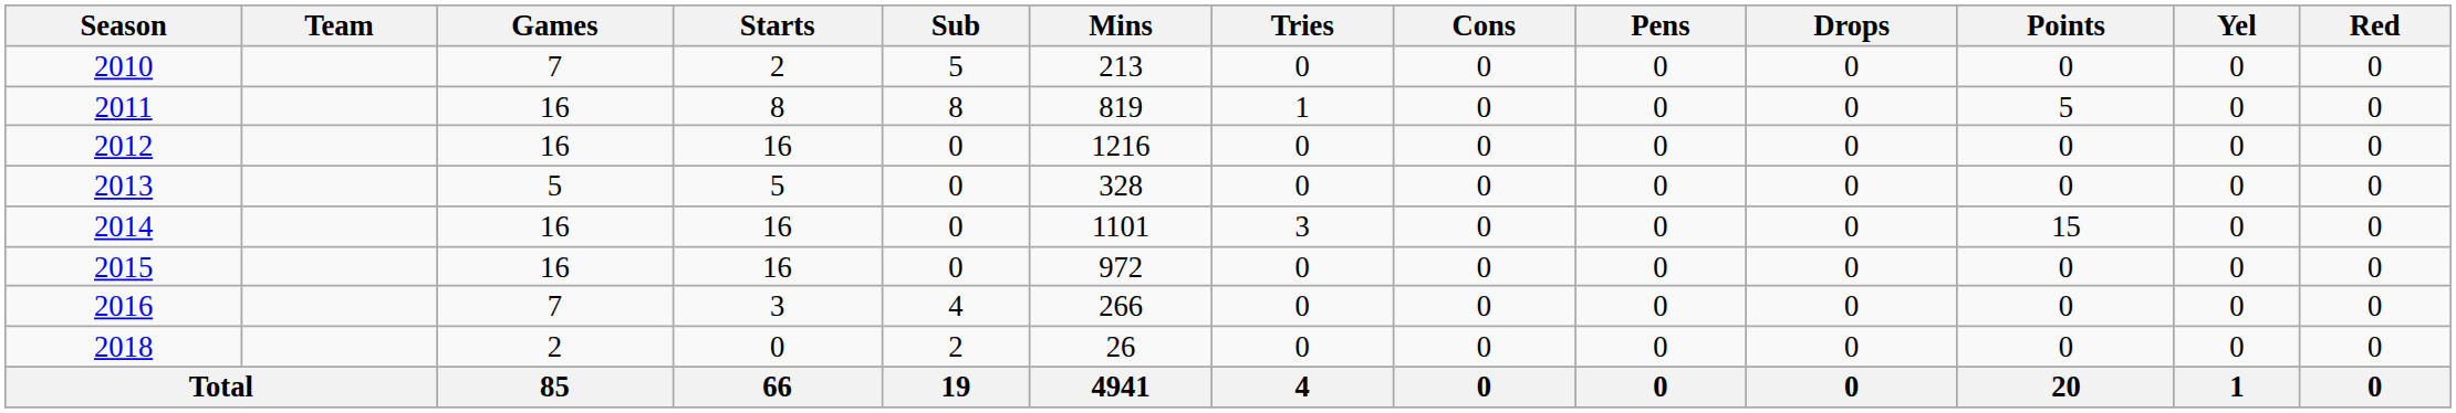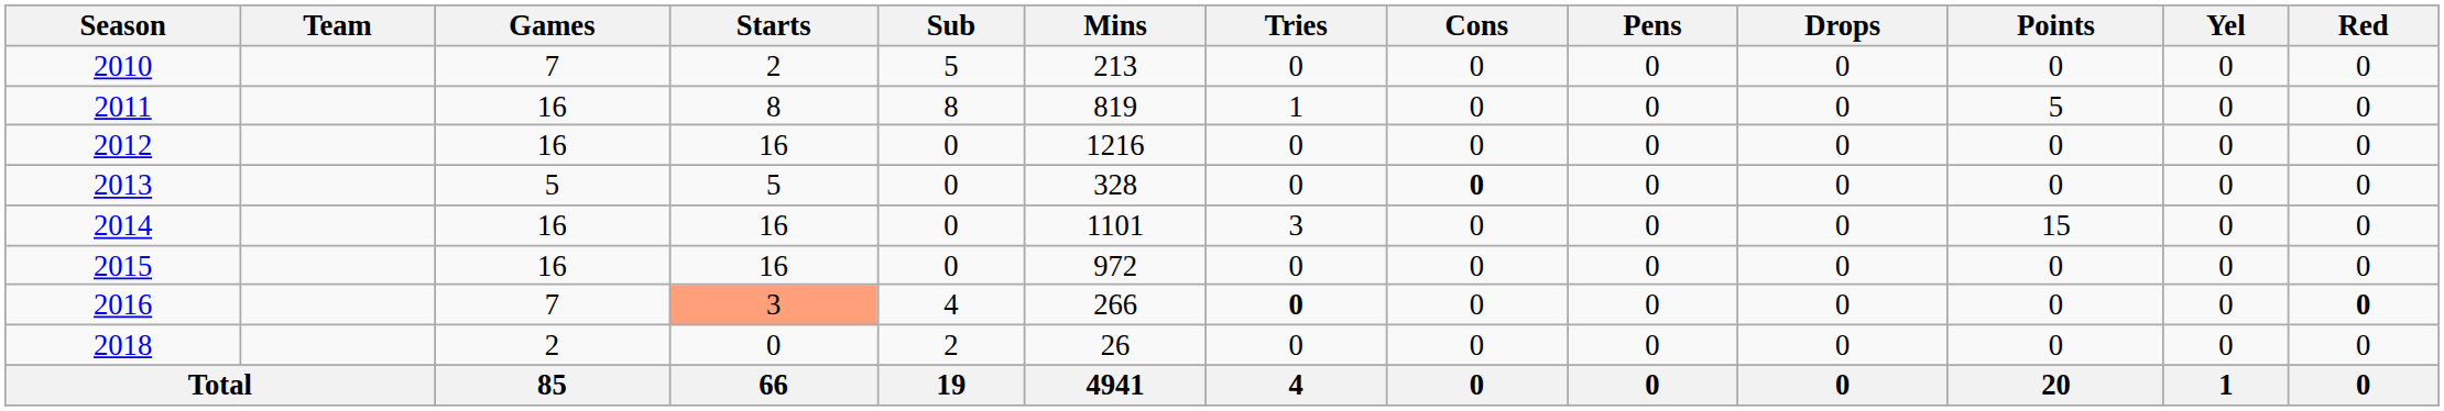 <table class="wikitable" style="text-align:center; line-height:90%; font-size:95%; width:100%;">
 <tr>
 <th>Season</th>
 <th>Team</th>
 <th>Games</th>
 <th>Starts</th>
 <th>Sub</th>
 <th>Mins</th>
 <th>Tries</th>
 <th>Cons</th>
 <th>Pens</th>
 <th>Drops</th>
 <th>Points</th>
 <th>Yel</th>
 <th>Red</th>
 </tr>
 <tr>
 <td><a href='#'>2010</a></td>
 <td></td>
 <td>7</td>
 <td>2</td>
 <td>5</td>
 <td>213</td>
 <td>0</td>
 <td>0</td>
 <td>0</td>
 <td>0</td>
 <td>0</td>
 <td>0</td>
 <td>0</td>
 </tr>
 <tr>
 <td><a href='#'>2011</a></td>
 <td></td>
 <td>16</td>
 <td>8</td>
 <td>8</td>
 <td>819</td>
 <td>1</td>
 <td>0</td>
 <td>0</td>
 <td>0</td>
 <td>5</td>
 <td>0</td>
 <td>0</td>
 </tr>
 <tr>
 <td><a href='#'>2012</a></td>
 <td></td>
 <td>16</td>
 <td>16</td>
 <td>0</td>
 <td>1216</td>
 <td>0</td>
 <td>0</td>
 <td>0</td>
 <td>0</td>
 <td>0</td>
 <td>0</td>
 <td>0</td>
 </tr>
 <tr>
 <td><a href='#'>2013</a></td>
 <td></td>
 <td>5</td>
 <td>5</td>
 <td>0</td>
 <td>328</td>
 <td>0</td>
-<td>0</td>
+<td><strong>0</strong></td>
 <td>0</td>
 <td>0</td>
 <td>0</td>
 <td>0</td>
 <td>0</td>
 </tr>
 <tr>
 <td><a href='#'>2014</a></td>
 <td></td>
 <td>16</td>
 <td>16</td>
 <td>0</td>
 <td>1101</td>
 <td>3</td>
 <td>0</td>
 <td>0</td>
 <td>0</td>
 <td>15</td>
 <td>0</td>
 <td>0</td>
 </tr>
 <tr>
 <td><a href='#'>2015</a></td>
 <td></td>
 <td>16</td>
 <td>16</td>
 <td>0</td>
 <td>972</td>
 <td>0</td>
 <td>0</td>
 <td>0</td>
 <td>0</td>
 <td>0</td>
 <td>0</td>
 <td>0</td>
 </tr>
 <tr>
 <td><a href='#'>2016</a></td>
 <td></td>
 <td>7</td>
-<td>3</td>
+<td style="background: lightsalmon;">3</td>
 <td>4</td>
 <td>266</td>
+<td><strong>0</strong></td>
 <td>0</td>
 <td>0</td>
 <td>0</td>
 <td>0</td>
 <td>0</td>
-<td>0</td>
-<td>0</td>
+<td><strong>0</strong></td>
 </tr>
 <tr>
 <td><a href='#'>2018</a></td>
 <td></td>
 <td>2</td>
 <td>0</td>
 <td>2</td>
 <td>26</td>
 <td>0</td>
 <td>0</td>
 <td>0</td>
 <td>0</td>
 <td>0</td>
 <td>0</td>
 <td>0</td>
 </tr>
 <tr>
 <th colspan="2">Total</th>
 <th>85</th>
 <th>66</th>
 <th>19</th>
 <th>4941</th>
 <th>4</th>
 <th>0</th>
 <th>0</th>
 <th>0</th>
 <th>20</th>
 <th>1</th>
 <th>0</th>
 </tr>
 </table>
